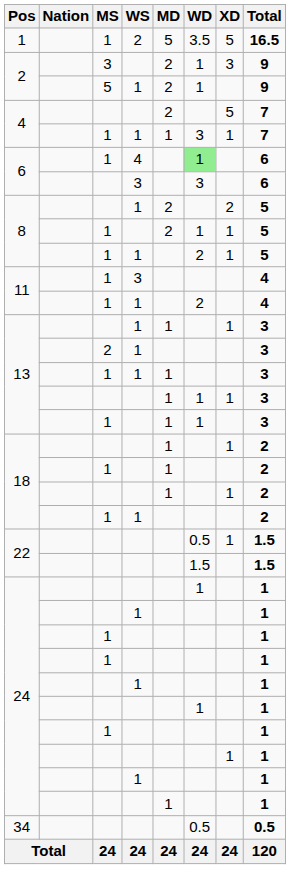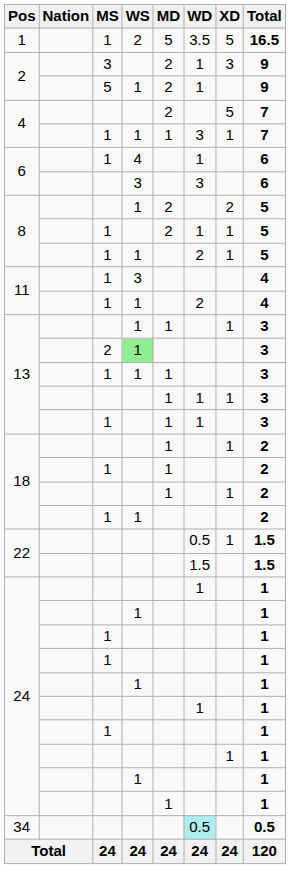 <table class="wikitable" style="text-align:center">
 <tr>
 <th>Pos</th>
 <th>Nation</th>
 <th>MS</th>
 <th>WS</th>
 <th>MD</th>
 <th>WD</th>
 <th>XD</th>
 <th>Total</th>
 </tr>
 <tr>
 <td>1</td>
 <td align="left"></td>
 <td>1</td>
 <td>2</td>
 <td>5</td>
 <td>3.5</td>
 <td>5</td>
 <td><strong>16.5</strong></td>
 </tr>
 <tr>
 <td rowspan="2">2</td>
 <td align="left"></td>
 <td>3</td>
 <td></td>
 <td>2</td>
 <td>1</td>
 <td>3</td>
 <td><strong>9</strong></td>
 </tr>
 <tr>
 <td align="left"></td>
 <td>5</td>
 <td>1</td>
 <td>2</td>
 <td>1</td>
 <td></td>
 <td><strong>9</strong></td>
 </tr>
 <tr>
 <td rowspan="2">4</td>
 <td align="left"><strong></strong></td>
 <td></td>
 <td></td>
 <td>2</td>
 <td></td>
 <td>5</td>
 <td><strong>7</strong></td>
 </tr>
 <tr>
 <td align="left"></td>
 <td>1</td>
 <td>1</td>
 <td>1</td>
 <td>3</td>
 <td>1</td>
 <td><strong>7</strong></td>
 </tr>
 <tr>
 <td rowspan="2">6</td>
 <td align="left"></td>
 <td>1</td>
 <td>4</td>
 <td></td>
-<td style="background: lightgreen;">1</td>
+<td>1</td>
 <td></td>
 <td><strong>6</strong></td>
 </tr>
 <tr>
 <td align="left"></td>
 <td></td>
 <td>3</td>
 <td></td>
 <td>3</td>
 <td></td>
 <td><strong>6</strong></td>
 </tr>
 <tr>
 <td rowspan="3">8</td>
 <td align="left"></td>
 <td></td>
 <td>1</td>
 <td>2</td>
 <td></td>
 <td>2</td>
 <td><strong>5</strong></td>
 </tr>
 <tr>
 <td align="left"></td>
 <td>1</td>
 <td></td>
 <td>2</td>
 <td>1</td>
 <td>1</td>
 <td><strong>5</strong></td>
 </tr>
 <tr>
 <td align="left"></td>
 <td>1</td>
 <td>1</td>
 <td></td>
 <td>2</td>
 <td>1</td>
 <td><strong>5</strong></td>
 </tr>
 <tr>
 <td rowspan=2>11</td>
 <td align="left"></td>
 <td>1</td>
 <td>3</td>
 <td></td>
 <td></td>
 <td></td>
 <td><strong>4</strong></td>
 </tr>
 <tr>
 <td align="left"></td>
 <td>1</td>
 <td>1</td>
 <td></td>
 <td>2</td>
 <td></td>
 <td><strong>4</strong></td>
 </tr>
 <tr>
 <td rowspan="5">13</td>
 <td align="left"></td>
 <td></td>
 <td>1</td>
 <td>1</td>
 <td></td>
 <td>1</td>
 <td><strong>3</strong></td>
 </tr>
 <tr>
 <td align="left"></td>
 <td>2</td>
-<td>1</td>
+<td style="background: lightgreen;">1</td>
 <td></td>
 <td></td>
 <td></td>
 <td><strong>3</strong></td>
 </tr>
 <tr>
 <td align="left"></td>
 <td>1</td>
 <td>1</td>
 <td>1</td>
 <td></td>
 <td></td>
 <td><strong>3</strong></td>
 </tr>
 <tr>
 <td align="left"></td>
 <td></td>
 <td></td>
 <td>1</td>
 <td>1</td>
 <td>1</td>
 <td><strong>3</strong></td>
 </tr>
 <tr>
 <td align="left"></td>
 <td>1</td>
 <td></td>
 <td>1</td>
 <td>1</td>
 <td></td>
 <td><strong>3</strong></td>
 </tr>
 <tr>
 <td rowspan="4">18</td>
 <td align="left"></td>
 <td></td>
 <td></td>
 <td>1</td>
 <td></td>
 <td>1</td>
 <td><strong>2</strong></td>
 </tr>
 <tr>
 <td align="left"></td>
 <td>1</td>
 <td></td>
 <td>1</td>
 <td></td>
 <td></td>
 <td><strong>2</strong></td>
 </tr>
 <tr>
 <td align="left"></td>
 <td></td>
 <td></td>
 <td>1</td>
 <td></td>
 <td>1</td>
 <td><strong>2</strong></td>
 </tr>
 <tr>
 <td align="left"></td>
 <td>1</td>
 <td>1</td>
 <td></td>
 <td></td>
 <td></td>
 <td><strong>2</strong></td>
 </tr>
 <tr>
 <td rowspan="2">22</td>
 <td align="left"></td>
 <td></td>
 <td></td>
 <td></td>
 <td>0.5</td>
 <td>1</td>
 <td><strong>1.5</strong></td>
 </tr>
 <tr>
 <td align="left"></td>
 <td></td>
 <td></td>
 <td></td>
 <td>1.5</td>
 <td></td>
 <td><strong>1.5</strong></td>
 </tr>
 <tr>
 <td rowspan="10">24</td>
 <td align="left"></td>
 <td></td>
 <td></td>
 <td></td>
 <td>1</td>
 <td></td>
 <td><strong>1</strong></td>
 </tr>
 <tr>
 <td align="left"></td>
 <td></td>
 <td>1</td>
 <td></td>
 <td></td>
 <td></td>
 <td><strong>1</strong></td>
 </tr>
 <tr>
 <td align="left"></td>
 <td>1</td>
 <td></td>
 <td></td>
 <td></td>
 <td></td>
 <td><strong>1</strong></td>
 </tr>
 <tr>
 <td align="left"></td>
 <td>1</td>
 <td></td>
 <td></td>
 <td></td>
 <td></td>
 <td><strong>1</strong></td>
 </tr>
 <tr>
 <td align="left"></td>
 <td></td>
 <td>1</td>
 <td></td>
 <td></td>
 <td></td>
 <td><strong>1</strong></td>
 </tr>
 <tr>
 <td align="left"></td>
 <td></td>
 <td></td>
 <td></td>
 <td>1</td>
 <td></td>
 <td><strong>1</strong></td>
 </tr>
 <tr>
 <td align="left"></td>
 <td>1</td>
 <td></td>
 <td></td>
 <td></td>
 <td></td>
 <td><strong>1</strong></td>
 </tr>
 <tr>
 <td align="left"></td>
 <td></td>
 <td></td>
 <td></td>
 <td></td>
 <td>1</td>
 <td><strong>1</strong></td>
 </tr>
 <tr>
 <td align="left"></td>
 <td></td>
 <td>1</td>
 <td></td>
 <td></td>
 <td></td>
 <td><strong>1</strong></td>
 </tr>
 <tr>
 <td align="left"></td>
 <td></td>
 <td></td>
 <td>1</td>
 <td></td>
 <td></td>
 <td><strong>1</strong></td>
 </tr>
 <tr>
 <td>34</td>
 <td align="left"></td>
 <td></td>
 <td></td>
 <td></td>
-<td>0.5</td>
+<td style="background: paleturquoise;">0.5</td>
 <td></td>
 <td><strong>0.5</strong></td>
 </tr>
 <tr>
 <th colspan="2">Total</th>
 <th>24</th>
 <th>24</th>
 <th>24</th>
 <th>24</th>
 <th>24</th>
 <th>120</th>
 </tr>
 </table>
